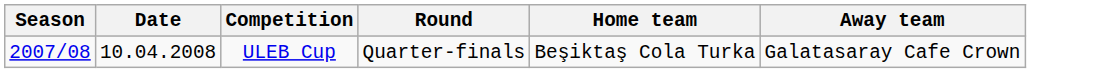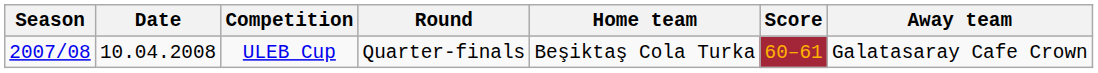 <table class="wikitable" style="text-align: center;">
 <tr>
 <th>Season</th>
 <th>Date</th>
 <th>Competition</th>
 <th>Round</th>
 <th>Home team</th>
+<th>Score</th>
 <th>Away team</th>
 </tr>
 <tr>
 <td><a href='#'>2007/08</a></td>
 <td>10.04.2008</td>
 <td><a href='#'>ULEB Cup</a></td>
 <td>Quarter-finals</td>
 <td>Beşiktaş Cola Turka</td>
+<td style="background:#A32638; color:#FFB300;">60–61</td>
 <td>Galatasaray Cafe Crown</td>
 </tr>
 </table>
